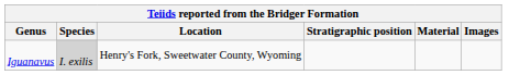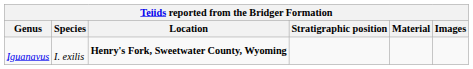 <table class="wikitable sortable mw-collapsible">
 <tr>
 <th colspan="7" style="text-align:center;"><strong><a href='#'>Teiids</a> reported from the Bridger Formation</strong></th>
 </tr>
 <tr>
 <th>Genus</th>
 <th>Species</th>
 <th>Location</th>
 <th>Stratigraphic position</th>
 <th>Material</th>
 <th>Images</th>
 </tr>
 <tr>
 <td rowspan=1><br><em><a href='#'>Iguanavus</a></em></td>
-<td style="background: lightgrey;"><br><em>I. exilis</em></td>
-<td>Henry's Fork, Sweetwater County, Wyoming</td>
+<td><br><em>I. exilis</em></td>
+<td><strong>Henry's Fork, Sweetwater County, Wyoming</strong></td>
 <td></td>
 <td></td>
 <td></td>
 </tr>
 </table>
